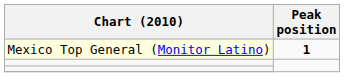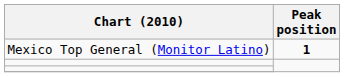 <table class="wikitable sortable">
 <tr>
 <th align="left">Chart (2010)</th>
 <th align="left">Peak<br>position</th>
 </tr>
 <tr>
-<td align="left" style="background: lightyellow;">Mexico Top General (<a href='#'>Monitor Latino</a>) </td>
+<td align="left">Mexico Top General (<a href='#'>Monitor Latino</a>) </td>
 <td align="center"><strong>1</strong></td>
 </tr>
 <tr>
 <td></td>
 </tr>
 <tr>
 <td></td>
 </tr>
 <tr>
 </tr>
 </table>
